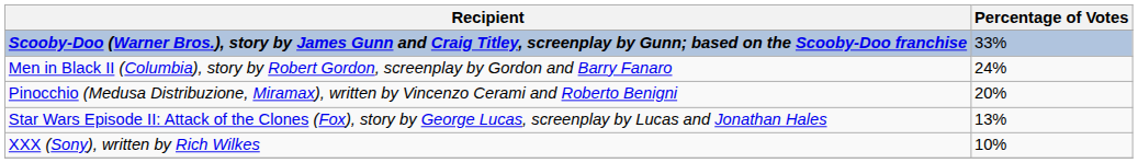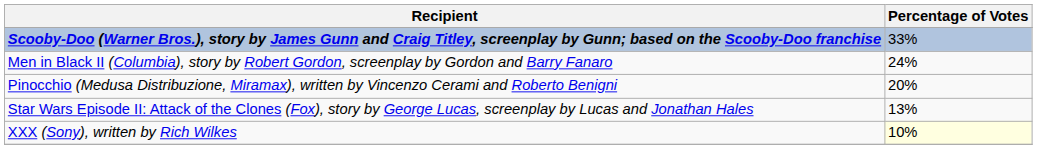 <table class="wikitable sortable plainrowheaders" align="centre">
 <tr>
 <th>Recipient</th>
 <th>Percentage of Votes</th>
 </tr>
 <tr>
 </tr>
 <tr style="background:#B0C4DE;">
 <td><strong><em><a href='#'>Scooby-Doo</a><em> (<a href='#'>Warner Bros.</a>), story by <a href='#'>James Gunn</a> and <a href='#'>Craig Titley</a>, screenplay by Gunn; based on the <a href='#'>Scooby-Doo franchise</a><strong></td>
 <td></strong>33%<strong></td>
 </tr>
 <tr>
 <td></em><a href='#'>Men in Black II</a><em> (<a href='#'>Columbia</a>), story by <a href='#'>Robert Gordon</a>, screenplay by Gordon and <a href='#'>Barry Fanaro</a></td>
 <td>24%</td>
 </tr>
 <tr>
 <td></em><a href='#'>Pinocchio</a><em> (Medusa Distribuzione, <a href='#'>Miramax</a>), written by Vincenzo Cerami and <a href='#'>Roberto Benigni</a></td>
 <td>20%</td>
 </tr>
 <tr>
 <td></em><a href='#'>Star Wars Episode II: Attack of the Clones</a><em> (<a href='#'>Fox</a>), story by <a href='#'>George Lucas</a>, screenplay by Lucas and <a href='#'>Jonathan Hales</a></td>
 <td>13%</td>
 </tr>
 <tr>
 <td></em><a href='#'>XXX</a><em> (<a href='#'>Sony</a>), written by <a href='#'>Rich Wilkes</a></td>
-<td>10%</td>
+<td style="background: lightyellow;">10%</td>
 </tr>
 <tr>
 </tr>
 </table>
